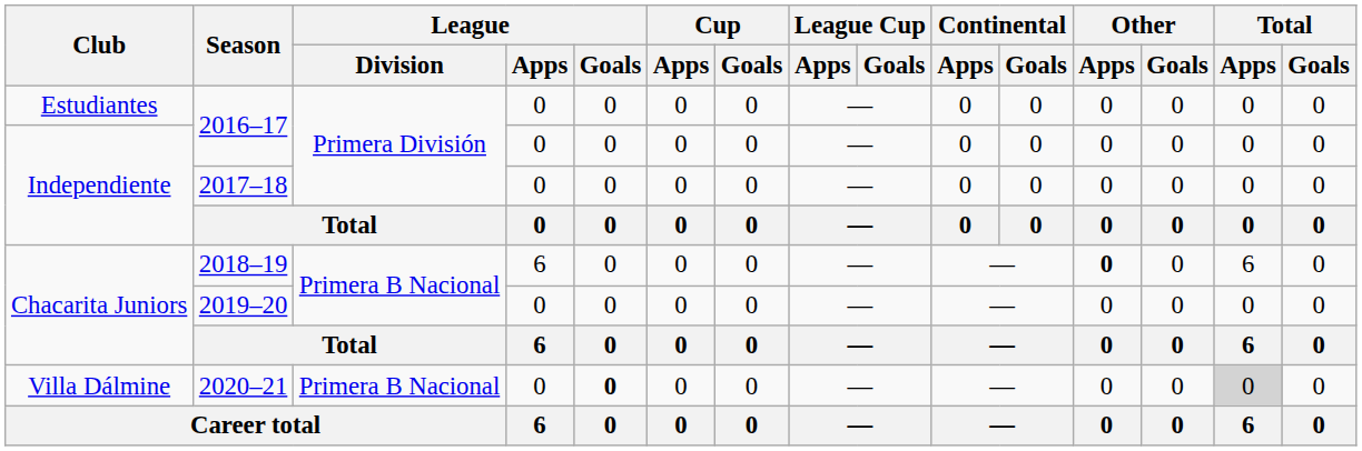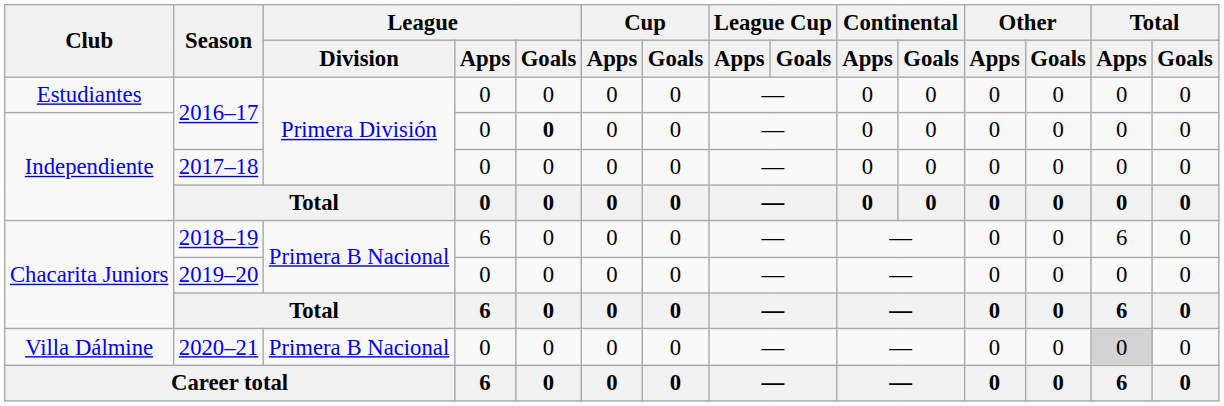 <table class="wikitable" style="text-align:center">
 <tr>
 <th rowspan="2">Club</th>
 <th rowspan="2">Season</th>
 <th colspan="3">League</th>
 <th colspan="2">Cup</th>
 <th colspan="2">League Cup</th>
 <th colspan="2">Continental</th>
 <th colspan="2">Other</th>
 <th colspan="2">Total</th>
 </tr>
 <tr>
 <th>Division</th>
 <th>Apps</th>
 <th>Goals</th>
 <th>Apps</th>
 <th>Goals</th>
 <th>Apps</th>
 <th>Goals</th>
 <th>Apps</th>
 <th>Goals</th>
 <th>Apps</th>
 <th>Goals</th>
 <th>Apps</th>
 <th>Goals</th>
 </tr>
 <tr>
 <td rowspan="1"><a href='#'>Estudiantes</a></td>
 <td rowspan="2"><a href='#'>2016–17</a></td>
 <td rowspan="3"><a href='#'>Primera División</a></td>
 <td>0</td>
 <td>0</td>
 <td>0</td>
 <td>0</td>
 <td colspan="2">—</td>
 <td>0</td>
 <td>0</td>
 <td>0</td>
 <td>0</td>
 <td>0</td>
 <td>0</td>
 </tr>
 <tr>
 <td rowspan="3"><a href='#'>Independiente</a></td>
 <td>0</td>
-<td>0</td>
+<td><strong>0</strong></td>
 <td>0</td>
 <td>0</td>
 <td colspan="2">—</td>
 <td>0</td>
 <td>0</td>
 <td>0</td>
 <td>0</td>
 <td>0</td>
 <td>0</td>
 </tr>
 <tr>
 <td><a href='#'>2017–18</a></td>
 <td>0</td>
 <td>0</td>
 <td>0</td>
 <td>0</td>
 <td colspan="2">—</td>
 <td>0</td>
 <td>0</td>
 <td>0</td>
 <td>0</td>
 <td>0</td>
 <td>0</td>
 </tr>
 <tr>
 <th colspan="2">Total</th>
 <th>0</th>
 <th>0</th>
 <th>0</th>
 <th>0</th>
 <th colspan="2">—</th>
 <th>0</th>
 <th>0</th>
 <th>0</th>
 <th>0</th>
 <th>0</th>
 <th>0</th>
 </tr>
 <tr>
 <td rowspan="3"><a href='#'>Chacarita Juniors</a></td>
 <td><a href='#'>2018–19</a></td>
 <td rowspan="2"><a href='#'>Primera B Nacional</a></td>
 <td>6</td>
 <td>0</td>
 <td>0</td>
 <td>0</td>
 <td colspan="2">—</td>
 <td colspan="2">—</td>
-<td><strong>0</strong></td>
+<td>0</td>
 <td>0</td>
 <td>6</td>
 <td>0</td>
 </tr>
 <tr>
 <td><a href='#'>2019–20</a></td>
 <td>0</td>
 <td>0</td>
 <td>0</td>
 <td>0</td>
 <td colspan="2">—</td>
 <td colspan="2">—</td>
 <td>0</td>
 <td>0</td>
 <td>0</td>
 <td>0</td>
 </tr>
 <tr>
 <th colspan="2">Total</th>
 <th>6</th>
 <th>0</th>
 <th>0</th>
 <th>0</th>
 <th colspan="2">—</th>
 <th colspan="2">—</th>
 <th>0</th>
 <th>0</th>
 <th>6</th>
 <th>0</th>
 </tr>
 <tr>
 <td rowspan="1"><a href='#'>Villa Dálmine</a></td>
 <td><a href='#'>2020–21</a></td>
 <td rowspan="1"><a href='#'>Primera B Nacional</a></td>
 <td>0</td>
-<td><strong>0</strong></td>
+<td>0</td>
 <td>0</td>
 <td>0</td>
 <td colspan="2">—</td>
 <td colspan="2">—</td>
 <td>0</td>
 <td>0</td>
 <td style="background: lightgrey;">0</td>
 <td>0</td>
 </tr>
 <tr>
 <th colspan="3">Career total</th>
 <th>6</th>
 <th>0</th>
 <th>0</th>
 <th>0</th>
 <th colspan="2">—</th>
 <th colspan="2">—</th>
 <th>0</th>
 <th>0</th>
 <th>6</th>
 <th>0</th>
 </tr>
 </table>
